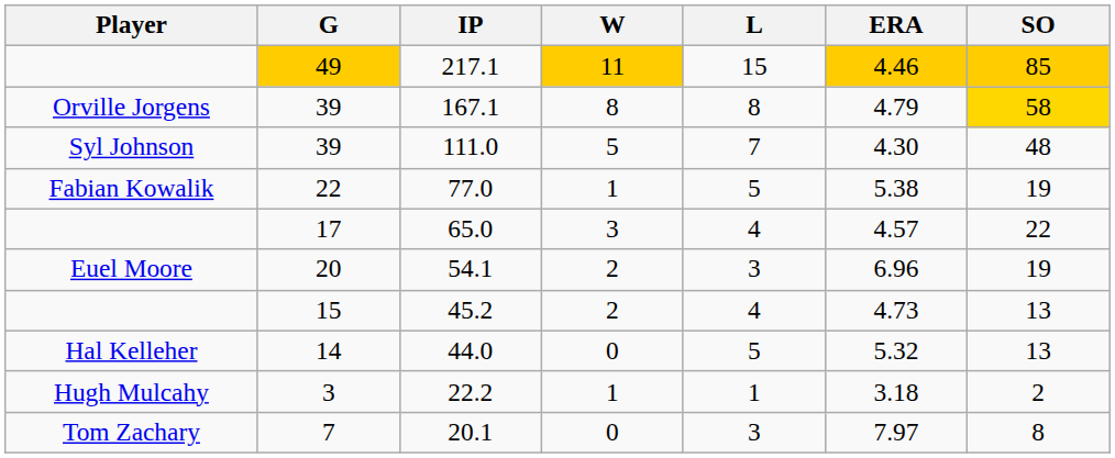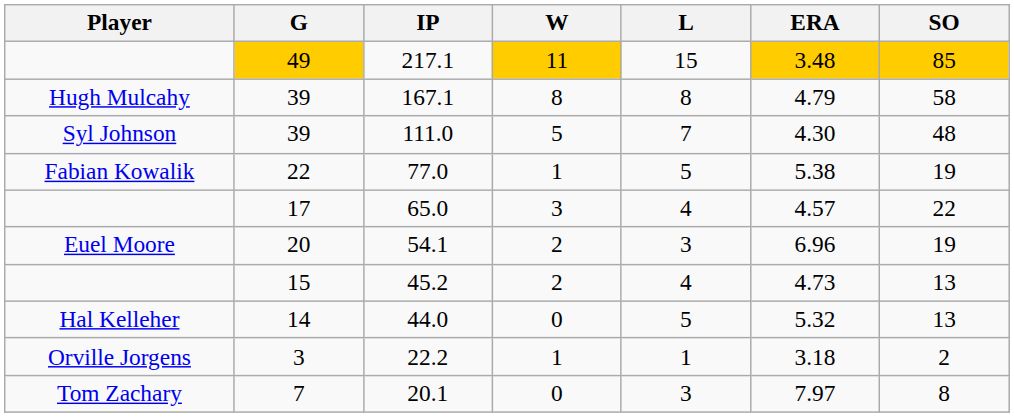 <table class="wikitable sortable">
 <tr>
 <th bgcolor="#DDDDFF" width="16%">Player</th>
 <th bgcolor="#DDDDFF" width="9%">G</th>
 <th bgcolor="#DDDDFF" width="9%">IP</th>
 <th bgcolor="#DDDDFF" width="9%">W</th>
 <th bgcolor="#DDDDFF" width="9%">L</th>
 <th bgcolor="#DDDDFF" width="9%">ERA</th>
 <th bgcolor="#DDDDFF" width="9%">SO</th>
 </tr>
 <tr align="center">
 <td></td>
 <td style="background:#fc0;">49</td>
 <td>217.1</td>
 <td style="background:#fc0;">11</td>
 <td>15</td>
-<td style="background:#fc0;">4.46</td>
+<td style="background:#fc0;">3.48</td>
 <td style="background:#fc0;">85</td>
 </tr>
 <tr align="center">
-<td><a href='#'>Orville Jorgens</a></td>
+<td><a href='#'>Hugh Mulcahy</a></td>
 <td>39</td>
 <td>167.1</td>
 <td>8</td>
 <td>8</td>
 <td>4.79</td>
-<td style="background: gold;">58</td>
+<td>58</td>
 </tr>
 <tr align=center>
 <td><a href='#'>Syl Johnson</a></td>
 <td>39</td>
 <td>111.0</td>
 <td>5</td>
 <td>7</td>
 <td>4.30</td>
 <td>48</td>
 </tr>
 <tr align=center>
 <td><a href='#'>Fabian Kowalik</a></td>
 <td>22</td>
 <td>77.0</td>
 <td>1</td>
 <td>5</td>
 <td>5.38</td>
 <td>19</td>
 </tr>
 <tr align=center>
 <td></td>
 <td>17</td>
 <td>65.0</td>
 <td>3</td>
 <td>4</td>
 <td>4.57</td>
 <td>22</td>
 </tr>
 <tr align="center">
 <td><a href='#'>Euel Moore</a></td>
 <td>20</td>
 <td>54.1</td>
 <td>2</td>
 <td>3</td>
 <td>6.96</td>
 <td>19</td>
 </tr>
 <tr align=center>
 <td></td>
 <td>15</td>
 <td>45.2</td>
 <td>2</td>
 <td>4</td>
 <td>4.73</td>
 <td>13</td>
 </tr>
 <tr align="center">
 <td><a href='#'>Hal Kelleher</a></td>
 <td>14</td>
 <td>44.0</td>
 <td>0</td>
 <td>5</td>
 <td>5.32</td>
 <td>13</td>
 </tr>
 <tr align=center>
-<td><a href='#'>Hugh Mulcahy</a></td>
+<td><a href='#'>Orville Jorgens</a></td>
 <td>3</td>
 <td>22.2</td>
 <td>1</td>
 <td>1</td>
 <td>3.18</td>
 <td>2</td>
 </tr>
 <tr align=center>
 <td><a href='#'>Tom Zachary</a></td>
 <td>7</td>
 <td>20.1</td>
 <td>0</td>
 <td>3</td>
 <td>7.97</td>
 <td>8</td>
 </tr>
 </table>
